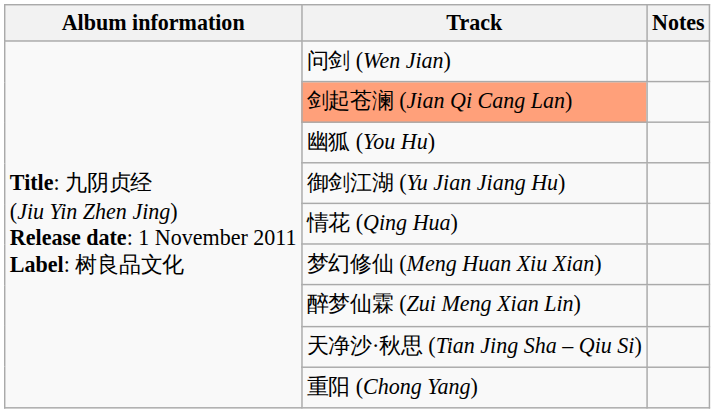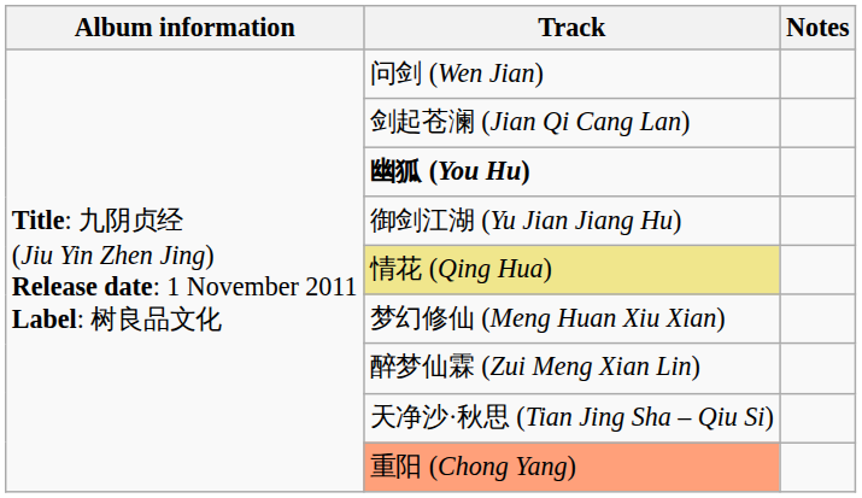 <table class="wikitable" style="font-size: 95%;">
 <tr>
 <th>Album information</th>
 <th>Track</th>
 <th>Notes</th>
 </tr>
 <tr>
 <td rowspan=9><strong>Title</strong>: 九阴贞经<br>(<em>Jiu Yin Zhen Jing</em>)<br><strong>Release date</strong>: 1 November 2011<br><strong>Label</strong>: 树良品文化</td>
 <td>问剑 (<em>Wen Jian</em>)</td>
 <td></td>
 </tr>
 <tr>
-<td style="background: lightsalmon;">剑起苍澜 (<em>Jian Qi Cang Lan</em>)</td>
+<td>剑起苍澜 (<em>Jian Qi Cang Lan</em>)</td>
 <td></td>
 </tr>
 <tr>
-<td>幽狐 (<em>You Hu</em>)</td>
+<td><strong>幽狐 (<em>You Hu</em>)</strong></td>
 <td></td>
 </tr>
 <tr>
 <td>御剑江湖 (<em>Yu Jian Jiang Hu</em>)</td>
 <td></td>
 </tr>
 <tr>
-<td>情花 (<em>Qing Hua</em>)</td>
+<td style="background: khaki;">情花 (<em>Qing Hua</em>)</td>
 <td></td>
 </tr>
 <tr>
 <td>梦幻修仙 (<em>Meng Huan Xiu Xian</em>)</td>
 <td></td>
 </tr>
 <tr>
 <td>醉梦仙霖 (<em>Zui Meng Xian Lin</em>)</td>
 <td></td>
 </tr>
 <tr>
 <td>天净沙·秋思 (<em>Tian Jing Sha – Qiu Si</em>)</td>
 <td></td>
 </tr>
 <tr>
-<td>重阳 (<em>Chong Yang</em>)</td>
+<td style="background: lightsalmon;">重阳 (<em>Chong Yang</em>)</td>
 <td></td>
 </tr>
 </table>
